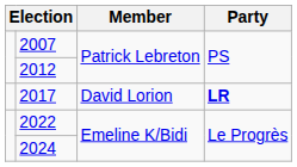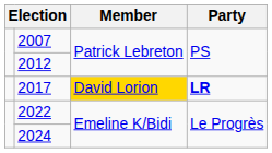 <table class="wikitable">
 <tr>
 <th colspan="2">Election</th>
 <th>Member</th>
 <th>Party</th>
 </tr>
 <tr>
 <td rowspan="2" style="color:inherit;background-color: "></td>
 <td><a href='#'>2007</a></td>
 <td rowspan="2"><a href='#'>Patrick Lebreton</a></td>
 <td rowspan="2"><a href='#'>PS</a></td>
 </tr>
 <tr>
 <td><a href='#'>2012</a></td>
 </tr>
 <tr>
 <td style="color:inherit;background-color: "></td>
 <td><a href='#'>2017</a></td>
-<td><a href='#'>David Lorion</a></td>
+<td style="background: gold;"><a href='#'>David Lorion</a></td>
 <td><strong><a href='#'>LR</a></strong></td>
 </tr>
 <tr>
 <td rowspan="2" style="color:inherit;background-color: "></td>
 <td><a href='#'>2022</a></td>
 <td rowspan="2"><a href='#'>Emeline K/Bidi</a></td>
 <td rowspan="2"><a href='#'>Le Progrès</a></td>
 </tr>
 <tr>
 <td><a href='#'>2024</a></td>
 </tr>
 </table>
